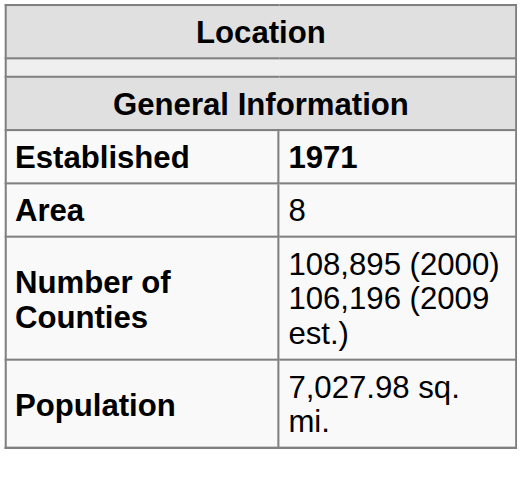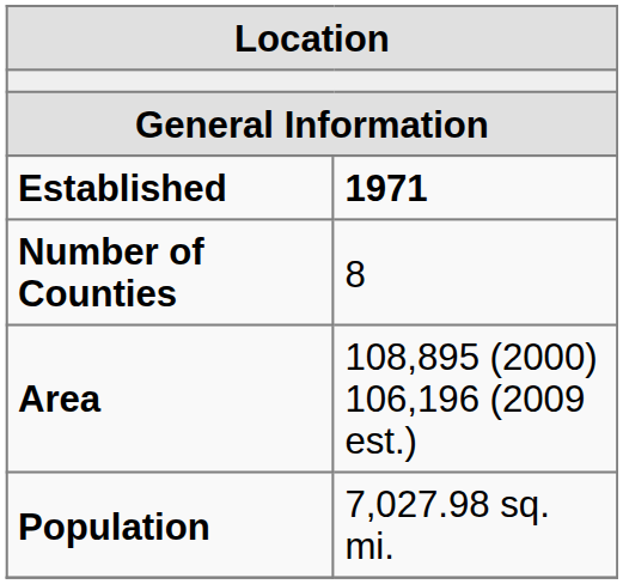 <table border=1 cellpadding=4 cellspacing=0 align=right width=250 style="margin: 0 0 1em 1em; background: #f9f9f9; border: 1px gray solid; border-collapse: collapse; font-size: 95%;">
 <tr>
 <td style="background:#e0e0e0;" align="center" colspan=2><strong>Location</strong></td>
 </tr>
 <tr>
 <td style="background:#efefef;" align="center" colspan=2></td>
 </tr>
 <tr>
 <td style="background:#e0e0e0;" align="center" colspan=2><strong>General Information</strong></td>
 </tr>
 <tr>
 <td><strong>Established</strong></td>
 <td><strong>1971</strong></td>
 </tr>
 <tr>
-<td><strong>Area</strong></td>
+<td><strong>Number of Counties</strong></td>
 <td>8</td>
 </tr>
 <tr>
-<td><strong>Number of Counties</strong></td>
+<td><strong>Area</strong></td>
 <td>108,895 (2000) <br> 106,196 (2009 est.)</td>
 </tr>
 <tr>
 <td><strong>Population</strong></td>
 <td>7,027.98 sq. mi.</td>
 </tr>
 <tr>
 </tr>
 </table>
